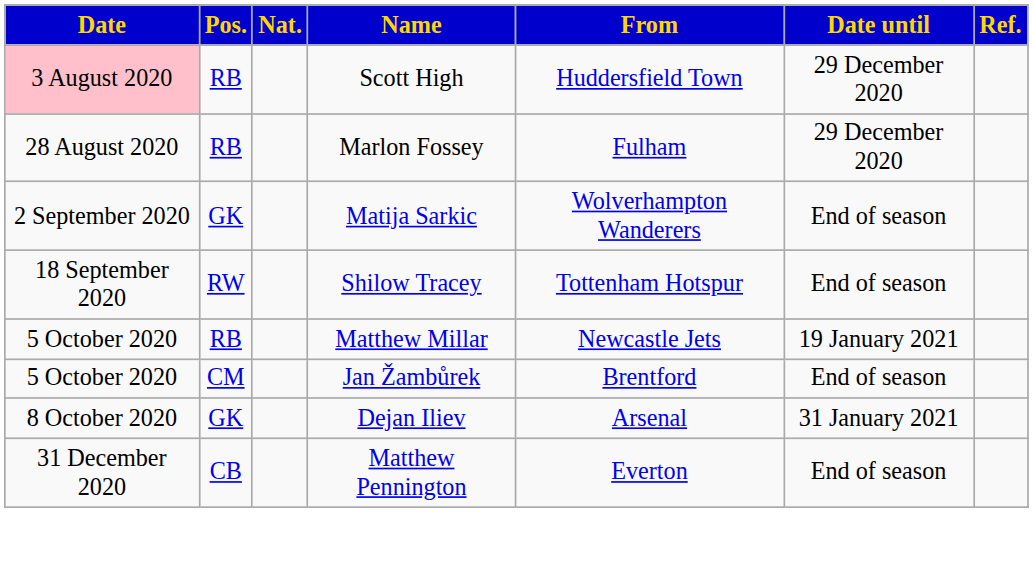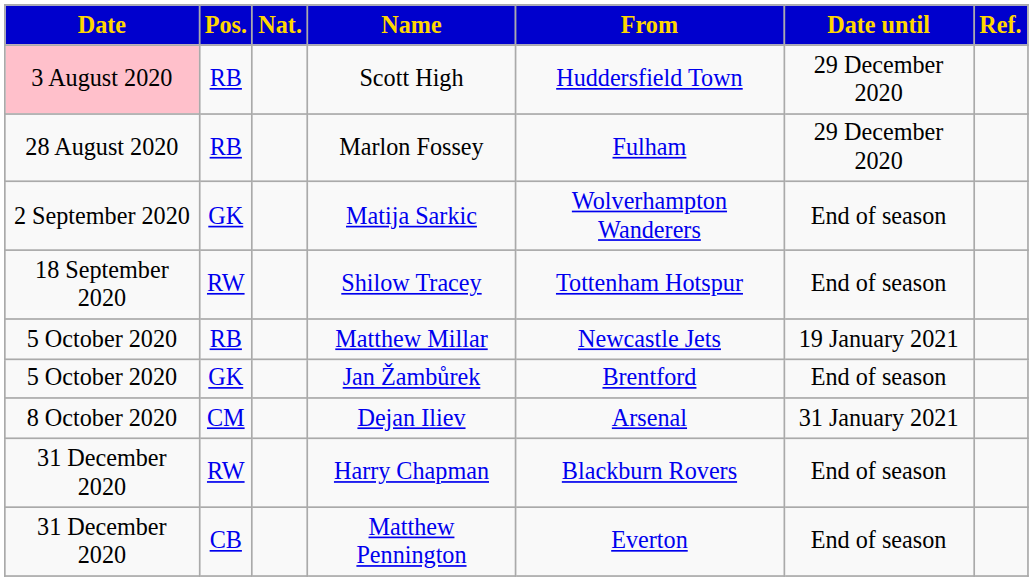 <table class="wikitable"  style="text-align:center; font-size:90%; ">
 <tr>
 <th style="background:mediumblue;color:gold;">Date</th>
 <th style="background:mediumblue;color:gold;">Pos.</th>
 <th style="background:mediumblue;color:gold;">Nat.</th>
 <th style="background:mediumblue;color:gold;">Name</th>
 <th style="background:mediumblue;color:gold;">From</th>
 <th style="background:mediumblue;color:gold;">Date until</th>
 <th style="background:mediumblue;color:gold;">Ref.</th>
 </tr>
 <tr>
 <td style="background: pink;">3 August 2020</td>
 <td><a href='#'>RB</a></td>
 <td></td>
 <td>Scott High</td>
 <td> <a href='#'>Huddersfield Town</a></td>
 <td>29 December 2020</td>
 <td></td>
 </tr>
 <tr>
 <td>28 August 2020</td>
 <td><a href='#'>RB</a></td>
 <td></td>
 <td>Marlon Fossey</td>
 <td> <a href='#'>Fulham</a></td>
 <td>29 December 2020</td>
 <td></td>
 </tr>
 <tr>
 <td>2 September 2020</td>
 <td><a href='#'>GK</a></td>
 <td></td>
 <td><a href='#'>Matija Sarkic</a></td>
 <td> <a href='#'>Wolverhampton Wanderers</a></td>
 <td>End of season</td>
 <td></td>
 </tr>
 <tr>
 <td>18 September 2020</td>
 <td><a href='#'>RW</a></td>
 <td></td>
 <td><a href='#'>Shilow Tracey</a></td>
 <td> <a href='#'>Tottenham Hotspur</a></td>
 <td>End of season</td>
 <td></td>
 </tr>
 <tr>
 <td>5 October 2020</td>
 <td><a href='#'>RB</a></td>
 <td></td>
 <td><a href='#'>Matthew Millar</a></td>
 <td> <a href='#'>Newcastle Jets</a></td>
 <td>19 January 2021</td>
 <td></td>
 </tr>
 <tr>
 <td>5 October 2020</td>
-<td><a href='#'>CM</a></td>
+<td><a href='#'>GK</a></td>
 <td></td>
 <td><a href='#'>Jan Žambůrek</a></td>
 <td> <a href='#'>Brentford</a></td>
 <td>End of season</td>
 <td></td>
 </tr>
 <tr>
 <td>8 October 2020</td>
-<td><a href='#'>GK</a></td>
+<td><a href='#'>CM</a></td>
 <td></td>
 <td><a href='#'>Dejan Iliev</a></td>
 <td> <a href='#'>Arsenal</a></td>
 <td>31 January 2021</td>
+<td></td>
+</tr>
+<tr>
+<td>31 December 2020</td>
+<td><a href='#'>RW</a></td>
+<td></td>
+<td><a href='#'>Harry Chapman</a></td>
+<td> <a href='#'>Blackburn Rovers</a></td>
+<td>End of season</td>
 <td></td>
 </tr>
 <tr>
 <td>31 December 2020</td>
 <td><a href='#'>CB</a></td>
 <td></td>
 <td><a href='#'>Matthew Pennington</a></td>
 <td> <a href='#'>Everton</a></td>
 <td>End of season</td>
 <td></td>
 </tr>
 </table>
